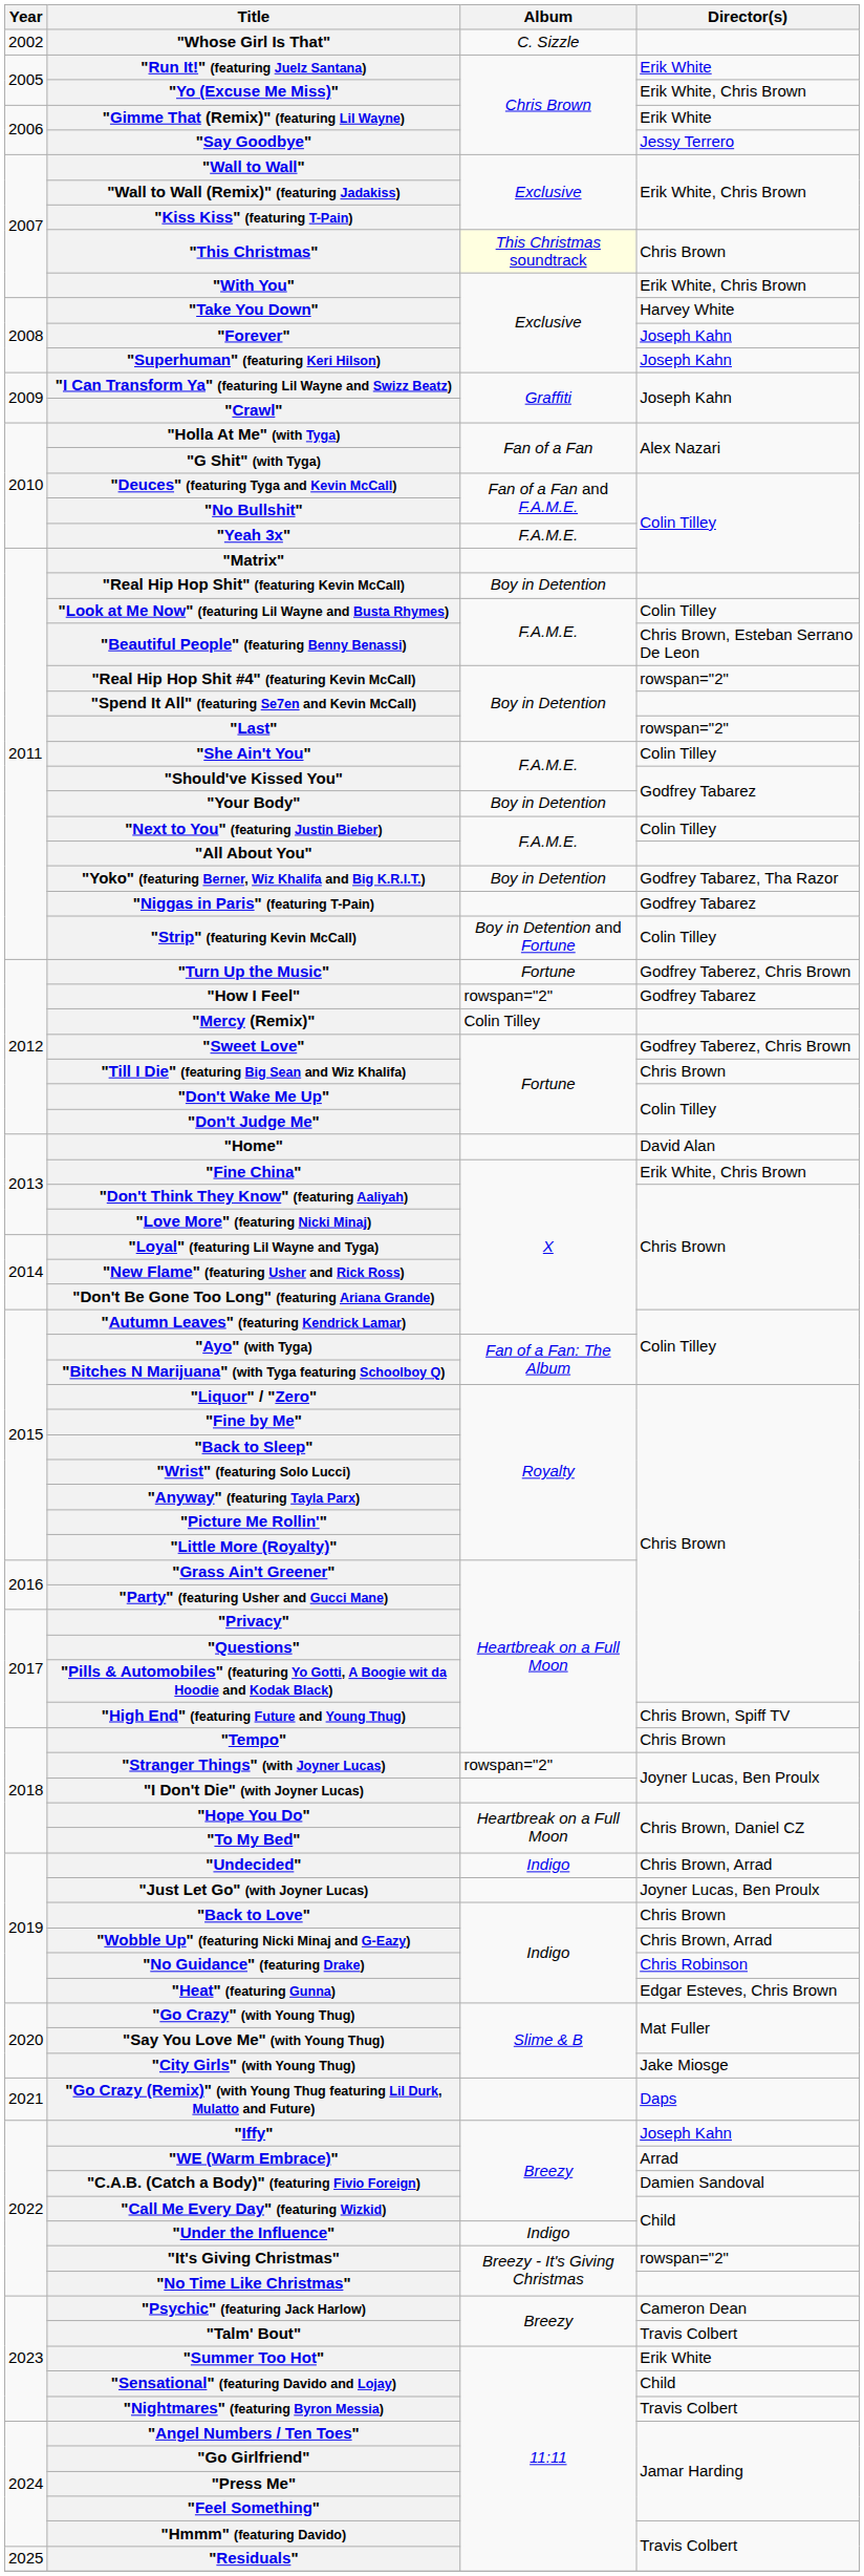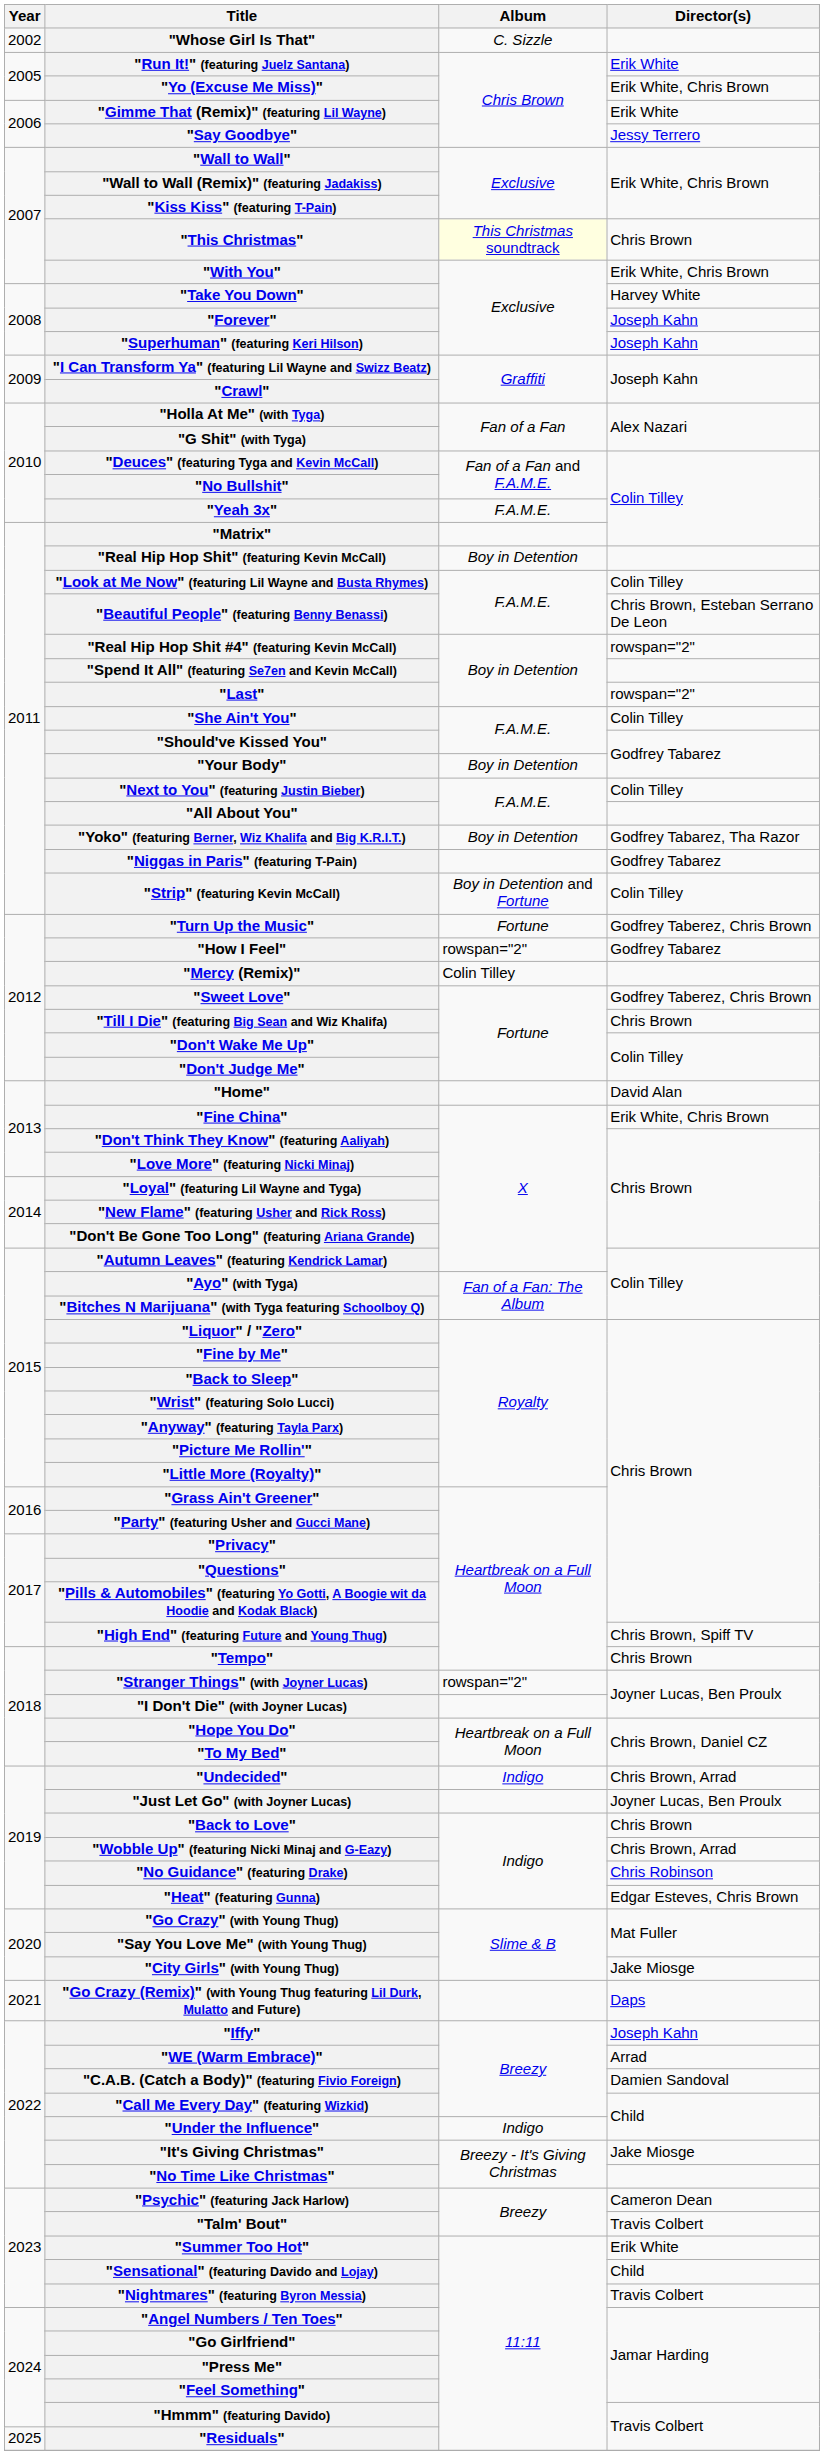 <table class="wikitable plainrowheaders">
 <tr>
 <th scope="col">Year</th>
 <th scope="col">Title</th>
 <th soope="col">Album</th>
 <th scope="col">Director(s)</th>
 </tr>
 <tr>
 <td>2002</td>
 <th scope="row">"Whose Girl Is That"</th>
 <td style="text-align: center;"><em>C. Sizzle</em></td>
 <td></td>
 </tr>
 <tr>
 <td rowspan="2">2005</td>
 <th scope="row">"<a href='#'>Run It!</a>" <small>(featuring <a href='#'>Juelz Santana</a>)</small></th>
 <td rowspan="4" style="text-align: center;"><em><a href='#'>Chris Brown</a></em></td>
 <td><a href='#'>Erik White</a></td>
 </tr>
 <tr>
 <th scope="row">"<a href='#'>Yo (Excuse Me Miss)</a>"</th>
 <td>Erik White, Chris Brown</td>
 </tr>
 <tr>
 <td rowspan="2">2006</td>
 <th scope="row">"<a href='#'>Gimme That</a> (Remix)" <small>(featuring <a href='#'>Lil Wayne</a>)</small></th>
 <td>Erik White</td>
 </tr>
 <tr>
 <th scope="row">"<a href='#'>Say Goodbye</a>"</th>
 <td><a href='#'>Jessy Terrero</a></td>
 </tr>
 <tr>
 <td rowspan="5">2007</td>
 <th scope="row">"<a href='#'>Wall to Wall</a>"</th>
 <td rowspan="3" style="text-align: center;"><em><a href='#'>Exclusive</a></em></td>
 <td rowspan="3">Erik White, Chris Brown</td>
 </tr>
 <tr>
 <th scope="row">"Wall to Wall (Remix)" <small>(featuring <a href='#'>Jadakiss</a>)</small></th>
 </tr>
 <tr>
 <th scope="row">"<a href='#'>Kiss Kiss</a>" <small>(featuring <a href='#'>T-Pain</a>)</small></th>
 </tr>
 <tr>
 <th scope="row">"<a href='#'>This Christmas</a>"</th>
 <td style="background: lightyellow; text-align: center;"><a href='#'><em>This Christmas</em> soundtrack</a></td>
 <td>Chris Brown</td>
 </tr>
 <tr>
 <th scope="row">"<a href='#'>With You</a>"</th>
 <td rowspan="4" style="text-align: center;"><em>Exclusive</em></td>
 <td>Erik White, Chris Brown</td>
 </tr>
 <tr>
 <td rowspan="3">2008</td>
 <th scope="row">"<a href='#'>Take You Down</a>"</th>
 <td>Harvey White</td>
 </tr>
 <tr>
 <th scope="row">"<a href='#'>Forever</a>"</th>
 <td><a href='#'>Joseph Kahn</a></td>
 </tr>
 <tr>
 <th scope="row">"<a href='#'>Superhuman</a>" <small>(featuring <a href='#'>Keri Hilson</a>)</small></th>
 <td><a href='#'>Joseph Kahn</a></td>
 </tr>
 <tr>
 <td rowspan="2">2009</td>
 <th scope="row">"<a href='#'>I Can Transform Ya</a>" <small>(featuring Lil Wayne and <a href='#'>Swizz Beatz</a>)</small></th>
 <td rowspan="2" style="text-align: center;"><em><a href='#'>Graffiti</a></em></td>
 <td rowspan="2">Joseph Kahn</td>
 </tr>
 <tr>
 <th scope="row">"<a href='#'>Crawl</a>"</th>
 </tr>
 <tr>
 <td rowspan="5">2010</td>
 <th scope="row">"Holla At Me" <small>(with <a href='#'>Tyga</a>)</small></th>
 <td rowspan="2" style="text-align: center;"><em>Fan of a Fan</em></td>
 <td rowspan="2">Alex Nazari</td>
 </tr>
 <tr>
 <th scope="row">"G Shit" <small>(with Tyga)</small></th>
 </tr>
 <tr>
 <th scope="row">"<a href='#'>Deuces</a>" <small>(featuring Tyga and <a href='#'>Kevin McCall</a>)</small></th>
 <td rowspan="2" style="text-align: center;"><em>Fan of a Fan</em> and <em><a href='#'>F.A.M.E.</a></em></td>
 <td rowspan="4"><a href='#'>Colin Tilley</a></td>
 </tr>
 <tr>
 <th scope="row">"<a href='#'>No Bullshit</a>"</th>
 </tr>
 <tr>
 <th scope="row">"<a href='#'>Yeah 3x</a>"</th>
 <td style="text-align: center;"><em>F.A.M.E.</em></td>
 </tr>
 <tr>
 <td rowspan="15">2011</td>
 <th scope="row">"Matrix"</th>
 <td></td>
 </tr>
 <tr>
 <th scope="row">"Real Hip Hop Shit" <small>(featuring Kevin McCall)</small></th>
 <td style="text-align: center;"><em>Boy in Detention</em></td>
 <td></td>
 </tr>
 <tr>
 <th scope="row">"<a href='#'>Look at Me Now</a>" <small>(featuring Lil Wayne and <a href='#'>Busta Rhymes</a>)</small></th>
 <td rowspan="2" style="text-align: center;"><em>F.A.M.E.</em></td>
 <td>Colin Tilley</td>
 </tr>
 <tr>
 <th scope="row">"<a href='#'>Beautiful People</a>" <small>(featuring <a href='#'>Benny Benassi</a>)</small></th>
 <td>Chris Brown, Esteban Serrano De Leon</td>
 </tr>
 <tr>
 <th scope="row">"Real Hip Hop Shit #4" <small>(featuring Kevin McCall)</small></th>
 <td rowspan="3" style="text-align: center;"><em>Boy in Detention</em></td>
 <td>rowspan="2" </td>
 </tr>
 <tr>
 <th scope="row">"Spend It All" <small>(featuring <a href='#'> Se7en</a> and Kevin McCall)</small></th>
 </tr>
 <tr>
 <th scope="row">"<a href='#'>Last</a>"</th>
 <td>rowspan="2" </td>
 </tr>
 <tr>
 <th scope="row">"<a href='#'>She Ain't You</a>"</th>
 <td rowspan="2" style="text-align: center;"><em>F.A.M.E.</em></td>
 <td>Colin Tilley</td>
 </tr>
 <tr>
 <th scope="row">"Should've Kissed You"</th>
 <td rowspan="2">Godfrey Tabarez</td>
 </tr>
 <tr>
 <th scope="row">"Your Body"</th>
 <td style="text-align: center;"><em>Boy in Detention</em></td>
 </tr>
 <tr>
 <th scope="row">"<a href='#'>Next to You</a>" <small>(featuring <a href='#'>Justin Bieber</a>)</small></th>
 <td rowspan="2" style="text-align: center;"><em>F.A.M.E.</em></td>
 <td>Colin Tilley</td>
 </tr>
 <tr>
 <th scope="row">"All About You"</th>
 <td></td>
 </tr>
 <tr>
 <th scope="row">"Yoko" <small>(featuring <a href='#'>Berner</a>, <a href='#'>Wiz Khalifa</a> and <a href='#'>Big K.R.I.T.</a>)</small></th>
 <td style="text-align: center;"><em>Boy in Detention</em></td>
 <td>Godfrey Tabarez, Tha Razor</td>
 </tr>
 <tr>
 <th scope="row">"<a href='#'>Niggas in Paris</a>" <small>(featuring T-Pain)</small></th>
 <td></td>
 <td>Godfrey Tabarez</td>
 </tr>
 <tr>
 <th scope="row">"<a href='#'>Strip</a>" <small>(featuring Kevin McCall)</small></th>
 <td style="text-align: center;"><em>Boy in Detention</em> and <em><a href='#'>Fortune</a></em></td>
 <td>Colin Tilley</td>
 </tr>
 <tr>
 <td rowspan="7">2012</td>
 <th scope="row">"<a href='#'>Turn Up the Music</a>"</th>
 <td style="text-align: center;"><em>Fortune</em></td>
 <td>Godfrey Taberez, Chris Brown</td>
 </tr>
 <tr>
 <th scope="row">"How I Feel"</th>
 <td>rowspan="2" </td>
 <td>Godfrey Tabarez</td>
 </tr>
 <tr>
 <th scope="row">"<a href='#'>Mercy</a> (Remix)"</th>
 <td>Colin Tilley</td>
 </tr>
 <tr>
 <th scope="row">"<a href='#'>Sweet Love</a>"</th>
 <td rowspan="4" style="text-align: center;"><em>Fortune</em></td>
 <td>Godfrey Taberez, Chris Brown</td>
 </tr>
 <tr>
 <th scope="row">"<a href='#'>Till I Die</a>" <small>(featuring <a href='#'>Big Sean</a> and Wiz Khalifa)</small></th>
 <td>Chris Brown</td>
 </tr>
 <tr>
 <th scope="row">"<a href='#'>Don't Wake Me Up</a>"</th>
 <td rowspan="2">Colin Tilley</td>
 </tr>
 <tr>
 <th scope="row">"<a href='#'>Don't Judge Me</a>"</th>
 </tr>
 <tr>
 <td rowspan="4">2013</td>
 <th scope="row">"Home"</th>
 <td></td>
 <td>David Alan</td>
 </tr>
 <tr>
 <th scope="row">"<a href='#'>Fine China</a>"</th>
 <td rowspan="7" style="text-align: center;"><em><a href='#'>X</a></em></td>
 <td>Erik White, Chris Brown</td>
 </tr>
 <tr>
 <th scope="row">"<a href='#'>Don't Think They Know</a>" <small>(featuring <a href='#'>Aaliyah</a>)</small></th>
 <td rowspan="5">Chris Brown</td>
 </tr>
 <tr>
 <th scope="row">"<a href='#'>Love More</a>" <small>(featuring <a href='#'>Nicki Minaj</a>)</small></th>
 </tr>
 <tr>
 <td rowspan="3">2014</td>
 <th scope="row">"<a href='#'>Loyal</a>" <small>(featuring Lil Wayne and Tyga)</small></th>
 </tr>
 <tr>
 <th scope="row">"<a href='#'>New Flame</a>" <small>(featuring <a href='#'>Usher</a> and <a href='#'>Rick Ross</a>)</small></th>
 </tr>
 <tr>
 <th scope="row">"Don't Be Gone Too Long" <small>(featuring <a href='#'>Ariana Grande</a>)</small></th>
 </tr>
 <tr>
 <td rowspan="10">2015</td>
 <th scope="row">"<a href='#'>Autumn Leaves</a>" <small>(featuring <a href='#'>Kendrick Lamar</a>)</small></th>
 <td rowspan="3">Colin Tilley</td>
 </tr>
 <tr>
 <th scope="row">"<a href='#'>Ayo</a>" <small>(with Tyga)</small></th>
 <td rowspan="2" style="text-align: center;"><em><a href='#'>Fan of a Fan: The Album</a></em></td>
 </tr>
 <tr>
 <th scope="row">"<a href='#'>Bitches N Marijuana</a>" <small>(with Tyga featuring <a href='#'>Schoolboy Q</a>)</small></th>
 </tr>
 <tr>
 <th scope="row">"<a href='#'>Liquor</a>" / "<a href='#'>Zero</a>"</th>
 <td rowspan="7" style="text-align: center;"><em><a href='#'>Royalty</a></em></td>
 <td rowspan="12">Chris Brown</td>
 </tr>
 <tr>
 <th scope="row">"<a href='#'>Fine by Me</a>"</th>
 </tr>
 <tr>
 <th scope="row">"<a href='#'>Back to Sleep</a>"</th>
 </tr>
 <tr>
 <th scope="row">"<a href='#'>Wrist</a>" <small>(featuring Solo Lucci)</small></th>
 </tr>
 <tr>
 <th scope="row">"<a href='#'>Anyway</a>" <small>(featuring <a href='#'>Tayla Parx</a>)</small></th>
 </tr>
 <tr>
 <th scope="row">"<a href='#'>Picture Me Rollin'</a>"</th>
 </tr>
 <tr>
 <th scope="row">"<a href='#'>Little More (Royalty)</a>"</th>
 </tr>
 <tr>
 <td rowspan="2">2016</td>
 <th scope="row">"<a href='#'>Grass Ain't Greener</a>"</th>
 <td rowspan="7" style="text-align: center;"><em><a href='#'>Heartbreak on a Full Moon</a></em></td>
 </tr>
 <tr>
 <th scope="row">"<a href='#'>Party</a>" <small>(featuring Usher and <a href='#'>Gucci Mane</a>)</small></th>
 </tr>
 <tr>
 <td rowspan="4">2017</td>
 <th scope="row">"<a href='#'>Privacy</a>"</th>
 </tr>
 <tr>
 <th scope="row">"<a href='#'>Questions</a>"</th>
 </tr>
 <tr>
 <th scope="row">"<a href='#'>Pills & Automobiles</a>" <small>(featuring <a href='#'>Yo Gotti</a>, <a href='#'>A Boogie wit da Hoodie</a> and <a href='#'>Kodak Black</a>)</small></th>
 </tr>
 <tr>
 <th scope="row">"<a href='#'>High End</a>" <small>(featuring <a href='#'>Future</a> and <a href='#'>Young Thug</a>)</small></th>
 <td>Chris Brown, Spiff TV</td>
 </tr>
 <tr>
 <td rowspan="5">2018</td>
 <th scope="row">"<a href='#'>Tempo</a>"</th>
 <td>Chris Brown</td>
 </tr>
 <tr>
 <th scope="row">"<a href='#'>Stranger Things</a>" <small>(with <a href='#'>Joyner Lucas</a>)</small></th>
 <td>rowspan="2" </td>
 <td rowspan="2">Joyner Lucas, Ben Proulx</td>
 </tr>
 <tr>
 <th scope="row">"I Don't Die" <small>(with Joyner Lucas)</small></th>
 </tr>
 <tr>
 <th scope="row">"<a href='#'>Hope You Do</a>"</th>
 <td rowspan="2" style="text-align: center;"><em>Heartbreak on a Full Moon</em></td>
 <td rowspan="2">Chris Brown, Daniel CZ</td>
 </tr>
 <tr>
 <th scope="row">"<a href='#'>To My Bed</a>"</th>
 </tr>
 <tr>
 <td rowspan="6">2019</td>
 <th scope="row">"<a href='#'>Undecided</a>"</th>
 <td style="text-align: center;"><em><a href='#'>Indigo</a></em></td>
 <td rowspan="1">Chris Brown, Arrad</td>
 </tr>
 <tr>
 <th scope="row">"Just Let Go" <small>(with Joyner Lucas)</small></th>
 <td></td>
 <td>Joyner Lucas, Ben Proulx</td>
 </tr>
 <tr>
 <th scope="row">"<a href='#'>Back to Love</a>"</th>
 <td rowspan="4" style="text-align: center;"><em>Indigo</em></td>
 <td>Chris Brown</td>
 </tr>
 <tr>
 <th scope="row">"<a href='#'>Wobble Up</a>" <small>(featuring Nicki Minaj and <a href='#'>G-Eazy</a>)</small></th>
 <td>Chris Brown, Arrad</td>
 </tr>
 <tr>
 <th scope="row">"<a href='#'>No Guidance</a>" <small>(featuring <a href='#'>Drake</a>)</small></th>
 <td><a href='#'>Chris Robinson</a></td>
 </tr>
 <tr>
 <th scope="row">"<a href='#'>Heat</a>" <small>(featuring <a href='#'>Gunna</a>)</small></th>
 <td>Edgar Esteves, Chris Brown</td>
 </tr>
 <tr>
 <td rowspan="3">2020</td>
 <th scope="row">"<a href='#'>Go Crazy</a>" <small>(with Young Thug)</small></th>
 <td rowspan="3" style="text-align: center;"><em><a href='#'>Slime & B</a></em></td>
 <td rowspan="2">Mat Fuller</td>
 </tr>
 <tr>
 <th scope="row">"Say You Love Me" <small>(with Young Thug)</small></th>
 </tr>
 <tr>
 <th scope="row">"<a href='#'>City Girls</a>" <small>(with Young Thug)</small></th>
 <td>Jake Miosge</td>
 </tr>
 <tr>
 <td>2021</td>
 <th scope="row">"<a href='#'>Go Crazy (Remix)</a>" <small>(with Young Thug featuring <a href='#'>Lil Durk</a>, <a href='#'>Mulatto</a> and Future)</small></th>
 <td></td>
 <td><a href='#'>Daps</a></td>
 </tr>
 <tr>
 <td rowspan="7">2022</td>
 <th scope="row">"<a href='#'>Iffy</a>"</th>
 <td rowspan="4" style="text-align: center;"><em><a href='#'>Breezy</a></em></td>
 <td><a href='#'>Joseph Kahn</a></td>
 </tr>
 <tr>
 <th scope="row">"<a href='#'>WE (Warm Embrace)</a>"</th>
 <td>Arrad</td>
 </tr>
 <tr>
 <th scope="row">"C.A.B. (Catch a Body)" <small>(featuring <a href='#'>Fivio Foreign</a>)</small></th>
 <td>Damien Sandoval</td>
 </tr>
 <tr>
 <th scope="row">"<a href='#'>Call Me Every Day</a>" <small>(featuring <a href='#'>Wizkid</a>)</small></th>
 <td rowspan="2">Child</td>
 </tr>
 <tr>
 <th scope="row">"<a href='#'>Under the Influence</a>"</th>
 <td style="text-align: center;"><em>Indigo</em></td>
 </tr>
 <tr>
 <th scope="row">"It's Giving Christmas"</th>
 <td rowspan="2" style="text-align: center;"><em>Breezy - It's Giving Christmas</em></td>
-<td>rowspan="2" </td>
+<td>Jake Miosge</td>
 </tr>
 <tr>
 <th scope="row">"<a href='#'>No Time Like Christmas</a>"</th>
 </tr>
 <tr>
 <td rowspan="5">2023</td>
 <th scope="row">"<a href='#'>Psychic</a>" <small>(featuring Jack Harlow)</small></th>
 <td rowspan="2" style="text-align: center;"><em>Breezy</em></td>
 <td>Cameron Dean</td>
 </tr>
 <tr>
 <th scope="row">"Talm' Bout"</th>
 <td>Travis Colbert</td>
 </tr>
 <tr>
 <th scope="row">"<a href='#'>Summer Too Hot</a>"</th>
 <td rowspan="9" style="text-align: center;"><em><a href='#'>11:11</a></em></td>
 <td>Erik White</td>
 </tr>
 <tr>
 <th scope="row">"<a href='#'>Sensational</a>" <small>(featuring Davido and <a href='#'>Lojay</a>)</small></th>
 <td>Child</td>
 </tr>
 <tr>
 <th scope="row">"<a href='#'>Nightmares</a>" <small>(featuring <a href='#'>Byron Messia</a>)</small></th>
 <td>Travis Colbert</td>
 </tr>
 <tr>
 <td rowspan="5">2024</td>
 <th scope="row">"<a href='#'>Angel Numbers / Ten Toes</a>"</th>
 <td rowspan="4">Jamar Harding</td>
 </tr>
 <tr>
 <th scope="row">"Go Girlfriend"</th>
 </tr>
 <tr>
 <th scope="row">"Press Me"</th>
 </tr>
 <tr>
 <th scope="row">"<a href='#'>Feel Something</a>"</th>
 </tr>
 <tr>
 <th scope="row">"Hmmm" <small>(featuring Davido)</small></th>
 <td rowspan="2">Travis Colbert</td>
 </tr>
 <tr>
 <td rowspan="1">2025</td>
 <th scope="row">"<a href='#'>Residuals</a>"</th>
 </tr>
 <tr>
 </tr>
 </table>
